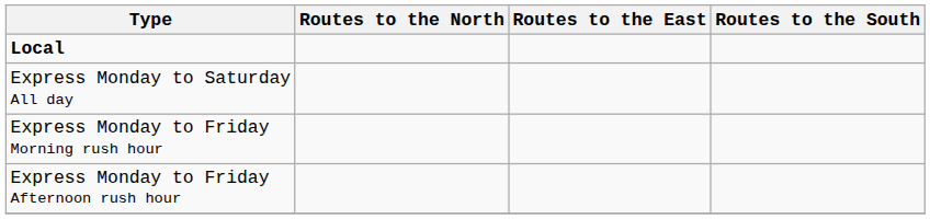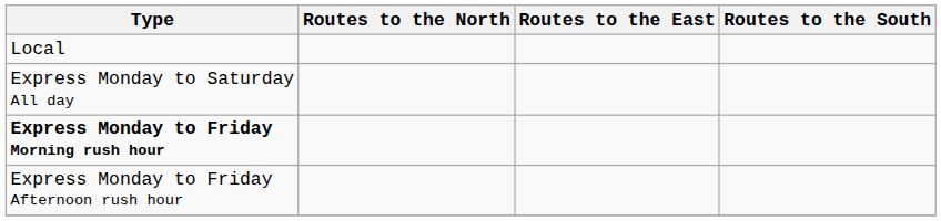 <table class="wikitable" style="margin:1em auto;">
 <tr>
 <th>Type</th>
 <th>Routes to the North</th>
 <th>Routes to the East</th>
 <th>Routes to the South</th>
 </tr>
 <tr>
-<td><strong>Local</strong></td>
+<td>Local</td>
 <td></td>
 <td></td>
 <td></td>
 </tr>
 <tr>
 <td>Express Monday to Saturday <br><small>All day</small></td>
 <td></td>
 <td></td>
 <td> </td>
 </tr>
 <tr>
-<td>Express Monday to Friday <br><small>Morning rush hour</small></td>
+<td><strong>Express Monday to Friday <br><small>Morning rush hour</small></strong></td>
 <td></td>
 <td></td>
 <td></td>
 </tr>
 <tr>
 <td>Express Monday to Friday <br><small>Afternoon rush hour</small></td>
 <td></td>
 <td></td>
 <td></td>
 </tr>
 <tr>
 </tr>
 </table>
